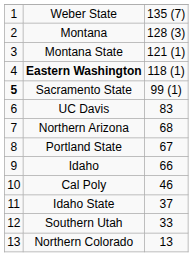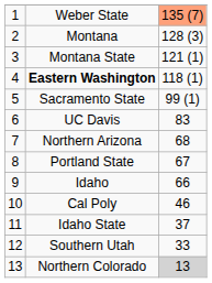 <table class="wikitable" style="display: inline-table;">
 <tr align="center">
 </tr>
 <tr align="center">
 <td>1</td>
 <td>Weber State</td>
-<td>135 (7)</td>
+<td style="background: lightsalmon;">135 (7)</td>
 </tr>
 <tr align="center">
 <td>2</td>
 <td>Montana</td>
 <td>128 (3)</td>
 </tr>
 <tr align="center">
 <td>3</td>
 <td>Montana State</td>
 <td>121 (1)</td>
 </tr>
 <tr align="center">
 <td>4</td>
 <td><strong>Eastern Washington</strong></td>
 <td>118 (1)</td>
 </tr>
 <tr align="center">
-<td><strong>5</strong></td>
+<td>5</td>
 <td>Sacramento State</td>
 <td>99 (1)</td>
 </tr>
 <tr align="center">
 <td>6</td>
 <td>UC Davis</td>
 <td>83</td>
 </tr>
 <tr align="center">
 <td>7</td>
 <td>Northern Arizona</td>
 <td>68</td>
 </tr>
 <tr align="center">
 <td>8</td>
 <td>Portland State</td>
 <td>67</td>
 </tr>
 <tr align="center">
 <td>9</td>
 <td>Idaho</td>
 <td>66</td>
 </tr>
 <tr align="center">
 <td>10</td>
 <td>Cal Poly</td>
 <td>46</td>
 </tr>
 <tr align="center">
 <td>11</td>
 <td>Idaho State</td>
 <td>37</td>
 </tr>
 <tr align="center">
 <td>12</td>
 <td>Southern Utah</td>
 <td>33</td>
 </tr>
 <tr align="center">
 <td>13</td>
 <td>Northern Colorado</td>
-<td>13</td>
+<td style="background: lightgrey;">13</td>
 </tr>
 </table>
